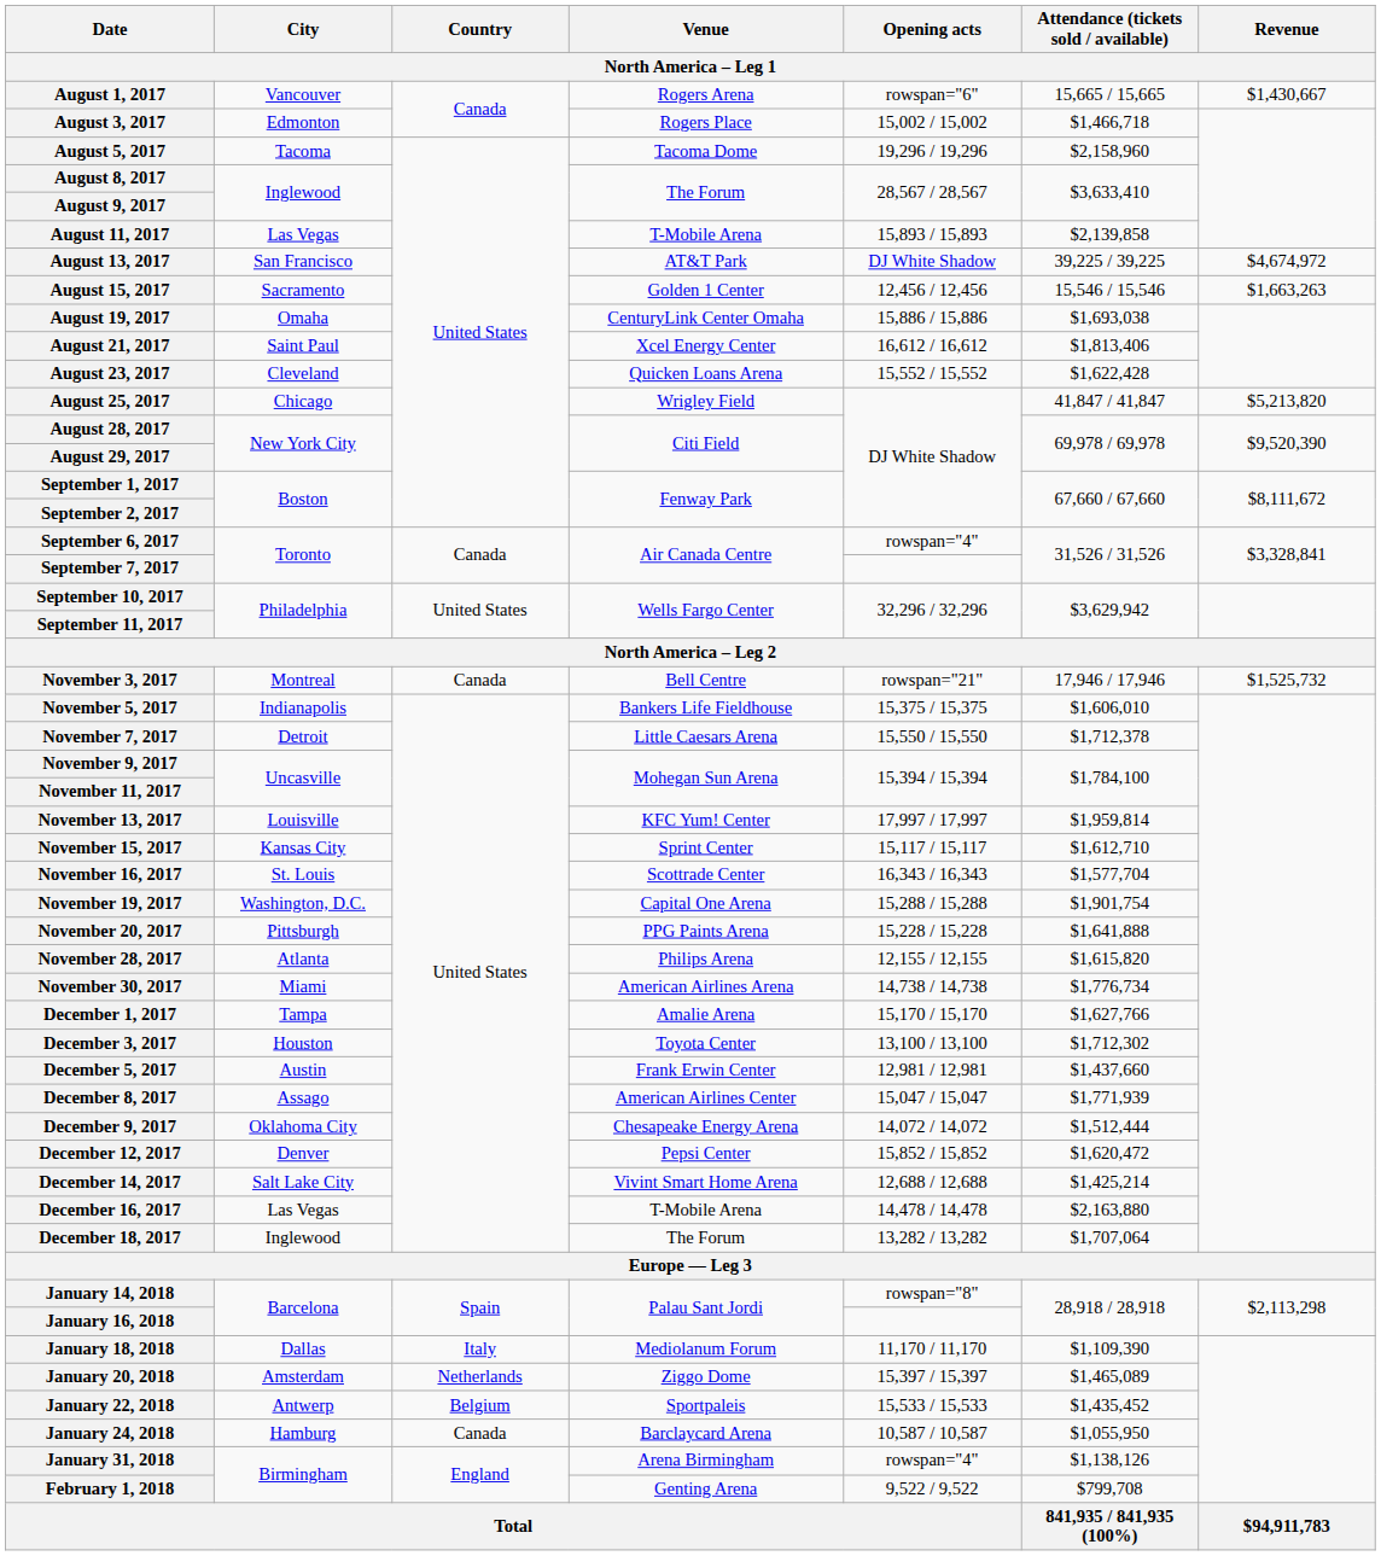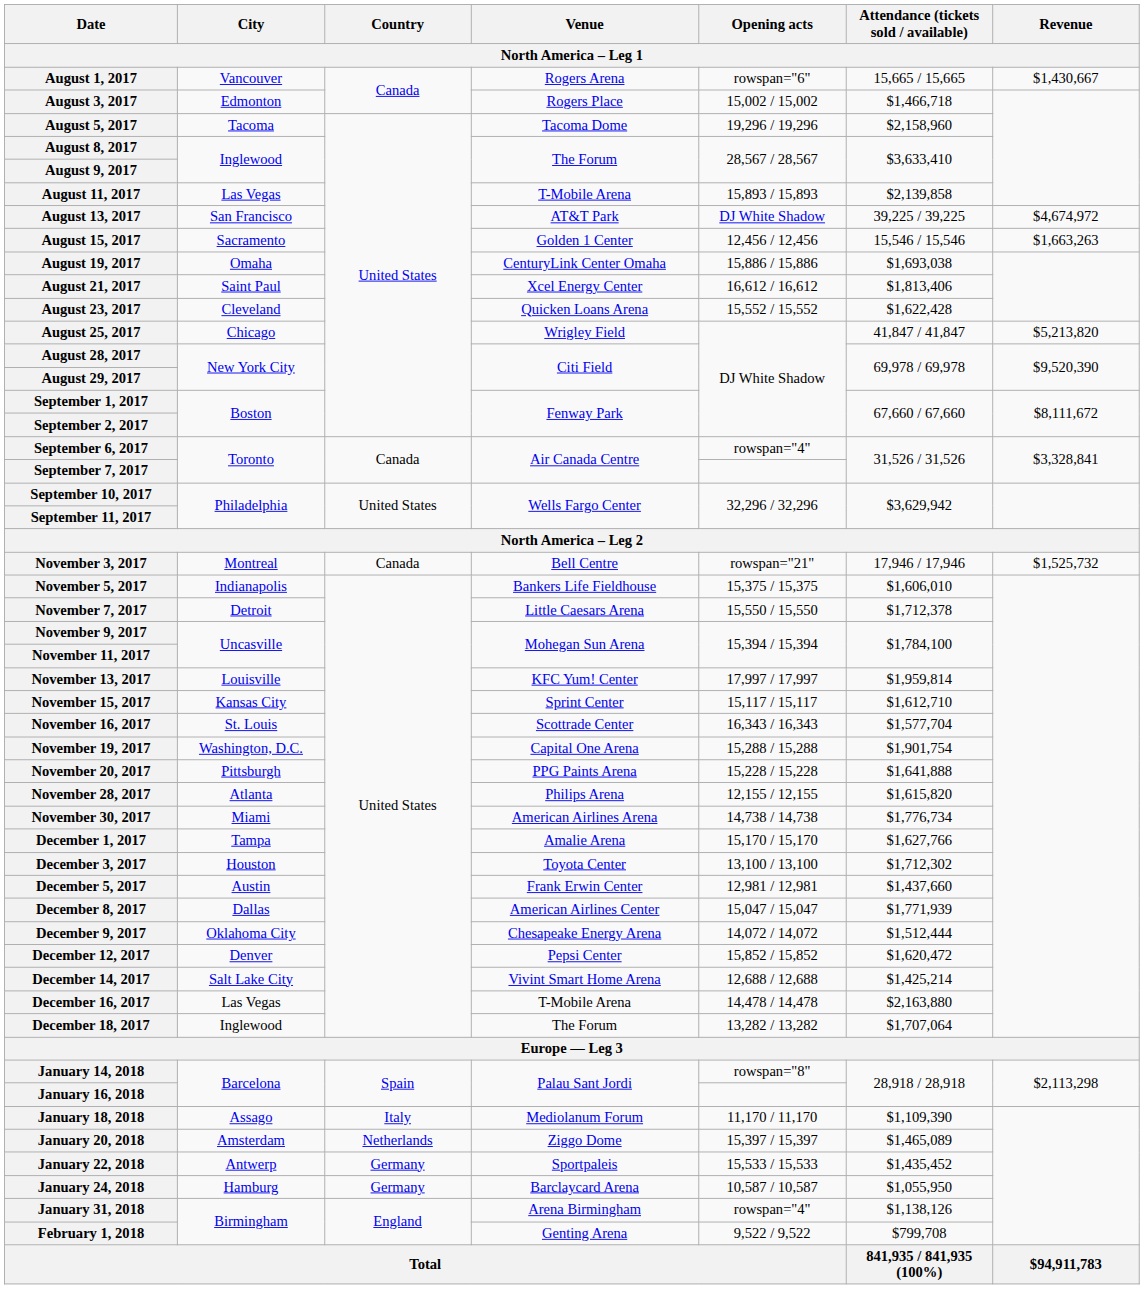 <table class="wikitable plainrowheaders" style="text-align:center;">
 <tr>
 <th scope="col" style="width:12em;">Date</th>
 <th scope="col" style="width:10em;">City</th>
 <th scope="col" style="width:10em;">Country</th>
 <th scope="col" style="width:16em;">Venue</th>
 <th scope="col" style="width:10em;">Opening acts</th>
 <th scope="col" style="width:10em;">Attendance (tickets sold / available)</th>
 <th scope="col" style="width:10em;">Revenue</th>
 </tr>
 <tr>
 <th colspan="7">North America – Leg 1</th>
 </tr>
 <tr>
 <th scope="row" style="text-align:center;">August 1, 2017</th>
 <td><a href='#'>Vancouver</a></td>
 <td rowspan="2"><a href='#'>Canada</a></td>
 <td><a href='#'>Rogers Arena</a></td>
 <td>rowspan="6" </td>
 <td>15,665 / 15,665</td>
 <td>$1,430,667</td>
 </tr>
 <tr>
 <th scope="row" style="text-align:center;">August 3, 2017</th>
 <td><a href='#'>Edmonton</a></td>
 <td><a href='#'>Rogers Place</a></td>
 <td>15,002 / 15,002</td>
 <td>$1,466,718</td>
 </tr>
 <tr>
 <th scope="row" style="text-align:center;">August 5, 2017</th>
 <td><a href='#'>Tacoma</a></td>
 <td rowspan="14"><a href='#'>United States</a></td>
 <td><a href='#'>Tacoma Dome</a></td>
 <td>19,296 / 19,296</td>
 <td>$2,158,960</td>
 </tr>
 <tr>
 <th scope="row" style="text-align:center;">August 8, 2017</th>
 <td rowspan="2"><a href='#'>Inglewood</a></td>
 <td rowspan="2"><a href='#'>The Forum</a></td>
 <td rowspan="2">28,567 / 28,567</td>
 <td rowspan="2">$3,633,410</td>
 </tr>
 <tr>
 <th scope="row" style="text-align:center;">August 9, 2017</th>
 </tr>
 <tr>
 <th scope="row" style="text-align:center;">August 11, 2017</th>
 <td><a href='#'>Las Vegas</a></td>
 <td><a href='#'>T-Mobile Arena</a></td>
 <td>15,893 / 15,893</td>
 <td>$2,139,858</td>
 </tr>
 <tr>
 <th scope="row" style="text-align:center;">August 13, 2017</th>
 <td><a href='#'>San Francisco</a></td>
 <td><a href='#'>AT&T Park</a></td>
 <td><a href='#'>DJ White Shadow</a></td>
 <td>39,225 / 39,225</td>
 <td>$4,674,972</td>
 </tr>
 <tr>
 <th scope="row" style="text-align:center;">August 15, 2017</th>
 <td><a href='#'>Sacramento</a></td>
 <td><a href='#'>Golden 1 Center</a></td>
 <td>12,456 / 12,456</td>
 <td>15,546 / 15,546</td>
 <td>$1,663,263</td>
 </tr>
 <tr>
 <th scope="row" style="text-align:center;">August 19, 2017</th>
 <td><a href='#'>Omaha</a></td>
 <td><a href='#'>CenturyLink Center Omaha</a></td>
 <td>15,886 / 15,886</td>
 <td>$1,693,038</td>
 </tr>
 <tr>
 <th scope="row" style="text-align:center;">August 21, 2017</th>
 <td><a href='#'>Saint Paul</a></td>
 <td><a href='#'>Xcel Energy Center</a></td>
 <td>16,612 / 16,612</td>
 <td>$1,813,406</td>
 </tr>
 <tr>
 <th scope="row" style="text-align:center;">August 23, 2017</th>
 <td><a href='#'>Cleveland</a></td>
 <td><a href='#'>Quicken Loans Arena</a></td>
 <td>15,552 / 15,552</td>
 <td>$1,622,428</td>
 </tr>
 <tr>
 <th scope="row" style="text-align:center;">August 25, 2017</th>
 <td><a href='#'>Chicago</a></td>
 <td><a href='#'>Wrigley Field</a></td>
 <td rowspan="5">DJ White Shadow</td>
 <td>41,847 / 41,847</td>
 <td>$5,213,820</td>
 </tr>
 <tr>
 <th scope="row" style="text-align:center;">August 28, 2017</th>
 <td rowspan="2"><a href='#'>New York City</a></td>
 <td rowspan="2"><a href='#'>Citi Field</a></td>
 <td rowspan="2">69,978 / 69,978</td>
 <td rowspan="2">$9,520,390</td>
 </tr>
 <tr>
 <th scope="row" style="text-align:center;">August 29, 2017</th>
 </tr>
 <tr>
 <th scope="row" style="text-align:center;">September 1, 2017</th>
 <td rowspan="2"><a href='#'>Boston</a></td>
 <td rowspan="2"><a href='#'>Fenway Park</a></td>
 <td rowspan="2">67,660 / 67,660</td>
 <td rowspan="2">$8,111,672</td>
 </tr>
 <tr>
 <th scope="row" style="text-align:center;">September 2, 2017</th>
 </tr>
 <tr>
 <th scope="row" style="text-align:center;">September 6, 2017</th>
 <td rowspan="2"><a href='#'>Toronto</a></td>
 <td rowspan="2">Canada</td>
 <td rowspan="2"><a href='#'>Air Canada Centre</a></td>
 <td>rowspan="4" </td>
 <td rowspan="2">31,526 / 31,526</td>
 <td rowspan="2">$3,328,841</td>
 </tr>
 <tr>
 <th scope="row" style="text-align:center;">September 7, 2017</th>
 </tr>
 <tr>
 <th scope="row" style="text-align:center;">September 10, 2017</th>
 <td rowspan="2"><a href='#'>Philadelphia</a></td>
 <td rowspan="2">United States</td>
 <td rowspan="2"><a href='#'>Wells Fargo Center</a></td>
 <td rowspan="2">32,296 / 32,296</td>
 <td rowspan="2">$3,629,942</td>
 </tr>
 <tr>
 <th scope="row" style="text-align:center;">September 11, 2017</th>
 </tr>
 <tr>
 <th colspan="7">North America – Leg 2</th>
 </tr>
 <tr>
 <th scope="row" style="text-align:center;">November 3, 2017</th>
 <td><a href='#'>Montreal</a></td>
 <td>Canada</td>
 <td><a href='#'>Bell Centre</a></td>
 <td>rowspan="21" </td>
 <td>17,946 / 17,946</td>
 <td>$1,525,732</td>
 </tr>
 <tr>
 <th scope="row" style="text-align:center;">November 5, 2017</th>
 <td><a href='#'>Indianapolis</a></td>
 <td rowspan="20">United States</td>
 <td><a href='#'>Bankers Life Fieldhouse</a></td>
 <td>15,375 / 15,375</td>
 <td>$1,606,010</td>
 </tr>
 <tr>
 <th scope="row" style="text-align:center;">November 7, 2017</th>
 <td><a href='#'>Detroit</a></td>
 <td><a href='#'>Little Caesars Arena</a></td>
 <td>15,550 / 15,550</td>
 <td>$1,712,378</td>
 </tr>
 <tr>
 <th scope="row" style="text-align:center;">November 9, 2017</th>
 <td rowspan="2"><a href='#'>Uncasville</a></td>
 <td rowspan="2"><a href='#'>Mohegan Sun Arena</a></td>
 <td rowspan="2">15,394 / 15,394</td>
 <td rowspan="2">$1,784,100</td>
 </tr>
 <tr>
 <th scope="row" style="text-align:center;">November 11, 2017</th>
 </tr>
 <tr>
 <th scope="row" style="text-align:center;">November 13, 2017</th>
 <td><a href='#'>Louisville</a></td>
 <td><a href='#'>KFC Yum! Center</a></td>
 <td>17,997 / 17,997</td>
 <td>$1,959,814</td>
 </tr>
 <tr>
 <th scope="row" style="text-align:center;">November 15, 2017</th>
 <td><a href='#'>Kansas City</a></td>
 <td><a href='#'>Sprint Center</a></td>
 <td>15,117 / 15,117</td>
 <td>$1,612,710</td>
 </tr>
 <tr>
 <th scope="row" style="text-align:center;">November 16, 2017</th>
 <td><a href='#'>St. Louis</a></td>
 <td><a href='#'>Scottrade Center</a></td>
 <td>16,343 / 16,343</td>
 <td>$1,577,704</td>
 </tr>
 <tr>
 <th scope="row" style="text-align:center;">November 19, 2017</th>
 <td><a href='#'>Washington, D.C.</a></td>
 <td><a href='#'>Capital One Arena</a></td>
 <td>15,288 / 15,288</td>
 <td>$1,901,754</td>
 </tr>
 <tr>
 <th scope="row" style="text-align:center;">November 20, 2017</th>
 <td><a href='#'>Pittsburgh</a></td>
 <td><a href='#'>PPG Paints Arena</a></td>
 <td>15,228 / 15,228</td>
 <td>$1,641,888</td>
 </tr>
 <tr>
 <th scope="row" style="text-align:center;">November 28, 2017</th>
 <td><a href='#'>Atlanta</a></td>
 <td><a href='#'>Philips Arena</a></td>
 <td>12,155 / 12,155</td>
 <td>$1,615,820</td>
 </tr>
 <tr>
 <th scope="row" style="text-align:center;">November 30, 2017</th>
 <td><a href='#'>Miami</a></td>
 <td><a href='#'>American Airlines Arena</a></td>
 <td>14,738 / 14,738</td>
 <td>$1,776,734</td>
 </tr>
 <tr>
 <th scope="row" style="text-align:center;">December 1, 2017</th>
 <td><a href='#'>Tampa</a></td>
 <td><a href='#'>Amalie Arena</a></td>
 <td>15,170 / 15,170</td>
 <td>$1,627,766</td>
 </tr>
 <tr>
 <th scope="row" style="text-align:center;">December 3, 2017</th>
 <td><a href='#'>Houston</a></td>
 <td><a href='#'>Toyota Center</a></td>
 <td>13,100 / 13,100</td>
 <td>$1,712,302</td>
 </tr>
 <tr>
 <th scope="row" style="text-align:center;">December 5, 2017</th>
 <td><a href='#'>Austin</a></td>
 <td><a href='#'>Frank Erwin Center</a></td>
 <td>12,981 / 12,981</td>
 <td>$1,437,660</td>
 </tr>
 <tr>
 <th scope="row" style="text-align:center;">December 8, 2017</th>
-<td><a href='#'>Assago</a></td>
+<td><a href='#'>Dallas</a></td>
 <td><a href='#'>American Airlines Center</a></td>
 <td>15,047 / 15,047</td>
 <td>$1,771,939</td>
 </tr>
 <tr>
 <th scope="row" style="text-align:center;">December 9, 2017</th>
 <td><a href='#'>Oklahoma City</a></td>
 <td><a href='#'>Chesapeake Energy Arena</a></td>
 <td>14,072 / 14,072</td>
 <td>$1,512,444</td>
 </tr>
 <tr>
 <th scope="row" style="text-align:center;">December 12, 2017</th>
 <td><a href='#'>Denver</a></td>
 <td><a href='#'>Pepsi Center</a></td>
 <td>15,852 / 15,852</td>
 <td>$1,620,472</td>
 </tr>
 <tr>
 <th scope="row" style="text-align:center;">December 14, 2017</th>
 <td><a href='#'>Salt Lake City</a></td>
 <td><a href='#'>Vivint Smart Home Arena</a></td>
 <td>12,688 / 12,688</td>
 <td>$1,425,214</td>
 </tr>
 <tr>
 <th scope="row" style="text-align:center;">December 16, 2017</th>
 <td>Las Vegas</td>
 <td>T-Mobile Arena</td>
 <td>14,478 / 14,478</td>
 <td>$2,163,880</td>
 </tr>
 <tr>
 <th scope="row" style="text-align:center;">December 18, 2017</th>
 <td>Inglewood</td>
 <td>The Forum</td>
 <td>13,282 / 13,282</td>
 <td>$1,707,064</td>
 </tr>
 <tr>
 <th colspan="7">Europe — Leg 3</th>
 </tr>
 <tr>
 <th scope="row" style="text-align:center;">January 14, 2018</th>
 <td rowspan="2"><a href='#'>Barcelona</a></td>
 <td rowspan="2"><a href='#'>Spain</a></td>
 <td rowspan="2"><a href='#'>Palau Sant Jordi</a></td>
 <td>rowspan="8" </td>
 <td rowspan="2">28,918 / 28,918</td>
 <td rowspan="2">$2,113,298</td>
 </tr>
 <tr>
 <th scope="row" style="text-align:center;">January 16, 2018</th>
 </tr>
 <tr>
 <th scope="row" style="text-align:center;">January 18, 2018</th>
-<td><a href='#'>Dallas</a></td>
+<td><a href='#'>Assago</a></td>
 <td><a href='#'>Italy</a></td>
 <td><a href='#'>Mediolanum Forum</a></td>
 <td>11,170 / 11,170</td>
 <td>$1,109,390</td>
 </tr>
 <tr>
 <th scope="row" style="text-align:center;">January 20, 2018</th>
 <td><a href='#'>Amsterdam</a></td>
 <td><a href='#'>Netherlands</a></td>
 <td><a href='#'>Ziggo Dome</a></td>
 <td>15,397 / 15,397</td>
 <td>$1,465,089</td>
 </tr>
 <tr>
 <th scope="row" style="text-align:center;">January 22, 2018</th>
 <td><a href='#'>Antwerp</a></td>
-<td><a href='#'>Belgium</a></td>
+<td><a href='#'>Germany</a></td>
 <td><a href='#'>Sportpaleis</a></td>
 <td>15,533 / 15,533</td>
 <td>$1,435,452</td>
 </tr>
 <tr>
 <th scope="row" style="text-align:center;">January 24, 2018</th>
 <td><a href='#'>Hamburg</a></td>
-<td>Canada</td>
+<td><a href='#'>Germany</a></td>
 <td><a href='#'>Barclaycard Arena</a></td>
 <td>10,587 / 10,587</td>
 <td>$1,055,950</td>
 </tr>
 <tr>
 <th scope="row" style="text-align:center;">January 31, 2018</th>
 <td rowspan="2"><a href='#'>Birmingham</a></td>
 <td rowspan="2"><a href='#'>England</a></td>
 <td><a href='#'>Arena Birmingham</a></td>
 <td>rowspan="4" </td>
 <td>$1,138,126</td>
 </tr>
 <tr>
 <th scope="row" style="text-align:center;">February 1, 2018</th>
 <td><a href='#'>Genting Arena</a></td>
 <td>9,522 / 9,522</td>
 <td>$799,708</td>
 </tr>
 <tr>
 <th colspan="5"><strong>Total</strong></th>
 <th>841,935 / 841,935 (100%)</th>
 <th>$94,911,783</th>
 </tr>
 </table>
